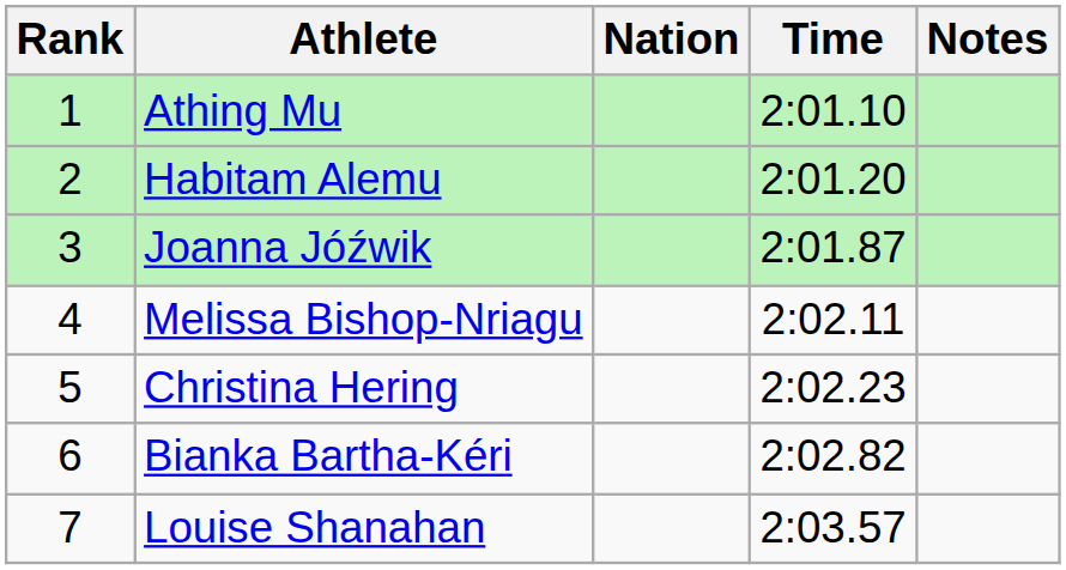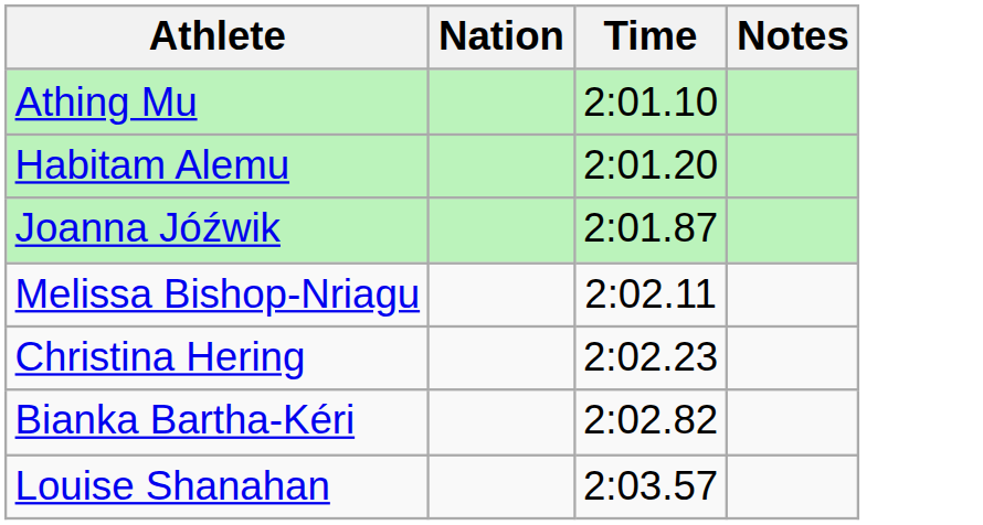 <table class="wikitable sortable" style="text-align:center;">
 <tr>
-<th>Rank</th>
 <th>Athlete</th>
 <th>Nation</th>
 <th>Time</th>
 <th>Notes</th>
 </tr>
 <tr bgcolor=#bbf3bb>
-<td>1</td>
 <td align="left"><a href='#'>Athing Mu</a></td>
 <td align=left></td>
 <td>2:01.10</td>
 <td></td>
 </tr>
 <tr bgcolor=#bbf3bb>
-<td>2</td>
 <td align="left"><a href='#'>Habitam Alemu</a></td>
 <td align=left></td>
 <td>2:01.20</td>
 <td></td>
 </tr>
 <tr bgcolor=#bbf3bb>
-<td>3</td>
 <td align="left"><a href='#'>Joanna Jóźwik</a></td>
 <td align=left></td>
 <td>2:01.87</td>
 <td></td>
 </tr>
 <tr>
-<td>4</td>
 <td align="left"><a href='#'>Melissa Bishop-Nriagu</a></td>
 <td align=left></td>
 <td>2:02.11</td>
 <td></td>
 </tr>
 <tr>
-<td>5</td>
 <td align="left"><a href='#'>Christina Hering</a></td>
 <td align=left></td>
 <td>2:02.23</td>
 <td></td>
 </tr>
 <tr>
-<td>6</td>
 <td align="left"><a href='#'>Bianka Bartha-Kéri</a></td>
 <td align=left></td>
 <td>2:02.82</td>
 <td></td>
 </tr>
 <tr>
-<td>7</td>
 <td align="left"><a href='#'>Louise Shanahan</a></td>
 <td align=left></td>
 <td>2:03.57</td>
 <td></td>
 </tr>
 </table>
